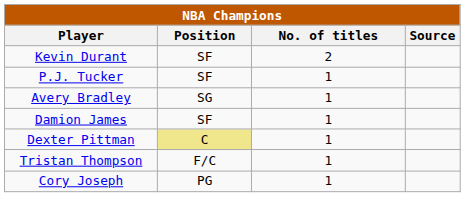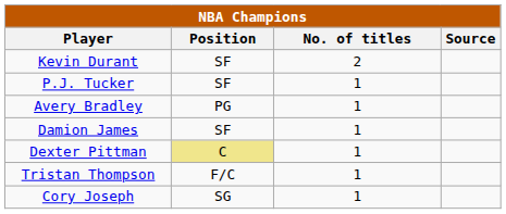 <table class="wikitable" style="text-align:center">
 <tr>
 <td colspan="5" style= "background: #BF5700; color:white"><strong>NBA Champions</strong></td>
 </tr>
 <tr>
 <th style="width:150px; ">Player</th>
 <th style="width:90px; ">Position</th>
 <th style="width:150px; ">No. of titles</th>
 <th style="width:50px; ">Source</th>
 </tr>
 <tr>
 <td><a href='#'>Kevin Durant</a></td>
 <td>SF</td>
 <td>2</td>
 <td></td>
 </tr>
 <tr>
 <td><a href='#'>P.J. Tucker</a></td>
 <td>SF</td>
 <td>1</td>
 <td></td>
 </tr>
 <tr>
 <td><a href='#'>Avery Bradley</a></td>
-<td>SG</td>
+<td>PG</td>
 <td>1</td>
 <td></td>
 </tr>
 <tr>
 <td><a href='#'>Damion James</a></td>
 <td>SF</td>
 <td>1</td>
 <td></td>
 </tr>
 <tr>
 <td><a href='#'>Dexter Pittman</a></td>
 <td style="background: khaki;">C</td>
 <td>1</td>
 <td></td>
 </tr>
 <tr>
 <td><a href='#'>Tristan Thompson</a></td>
 <td>F/C</td>
 <td>1</td>
 <td></td>
 </tr>
 <tr>
 <td><a href='#'>Cory Joseph</a></td>
-<td>PG</td>
+<td>SG</td>
 <td>1</td>
 <td></td>
 </tr>
 </table>
